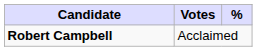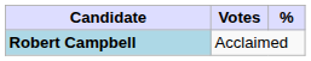 <table class="wikitable">
 <tr>
 <th style="background:#ddf; width:200px;">Candidate</th>
 <th style="background:#ddf; width:50px;">Votes</th>
 <th style="background:#ddf; width:30px;">%</th>
 </tr>
 <tr>
-<td><strong>Robert Campbell</strong></td>
+<td style="background: lightblue;"><strong>Robert Campbell</strong></td>
 <td colspan="2">Acclaimed</td>
 </tr>
 </table>
